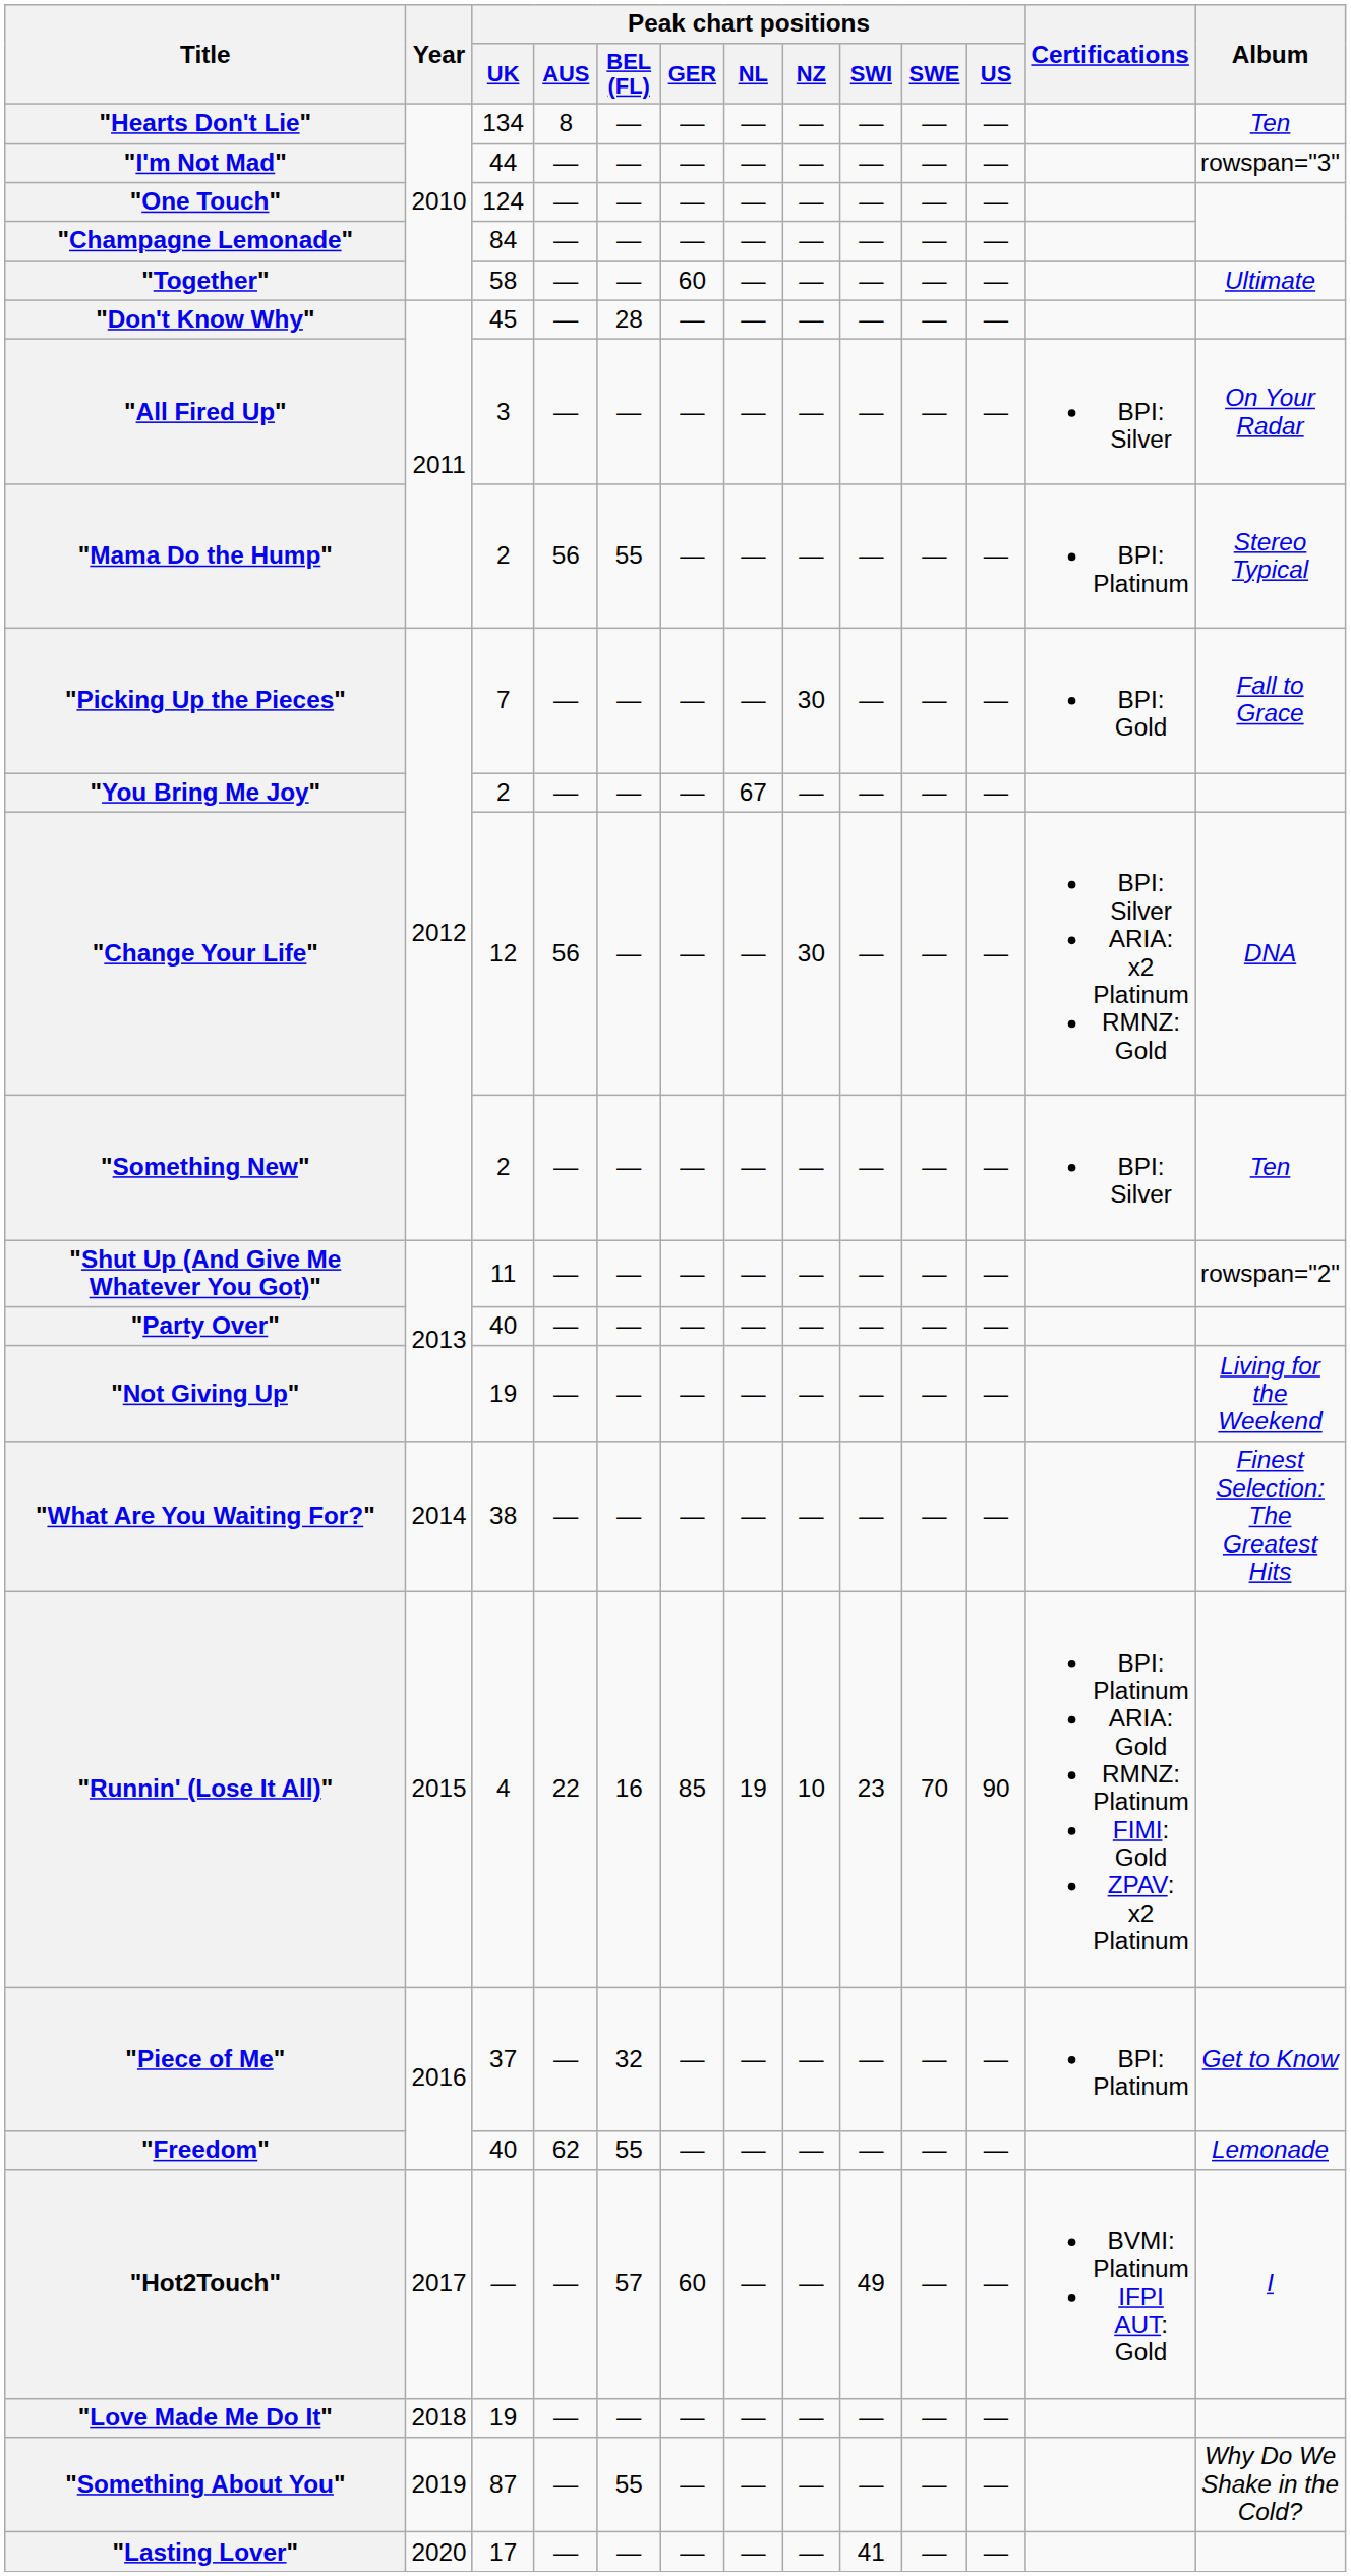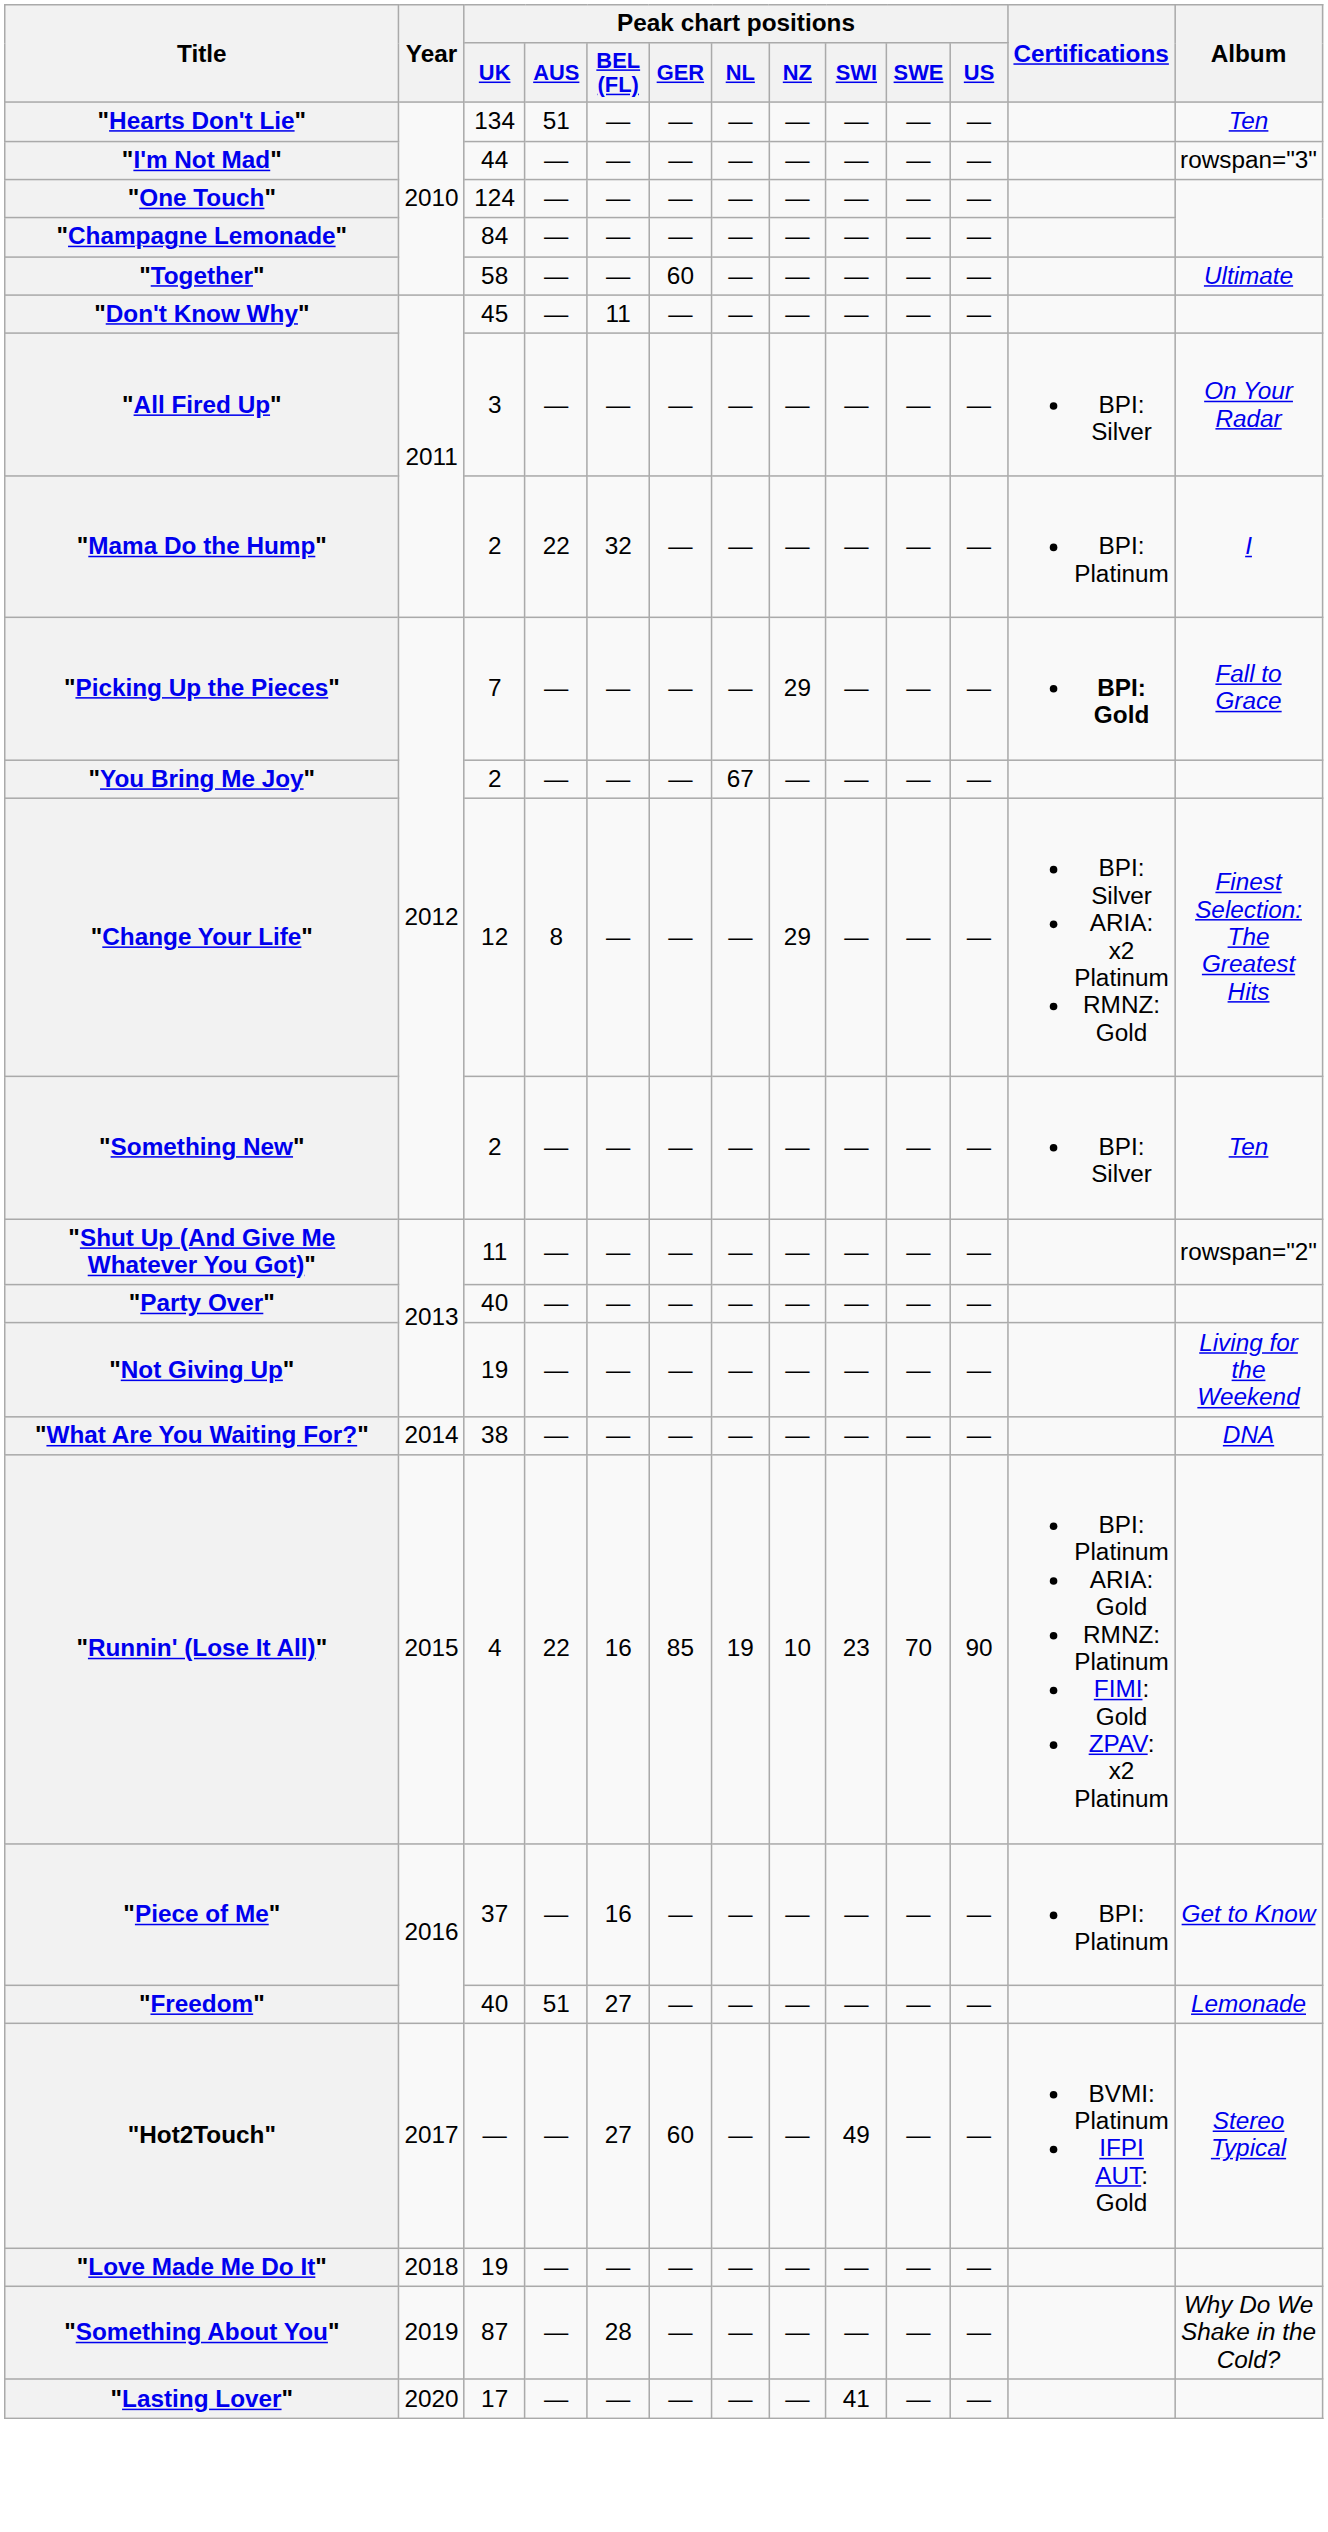 <table class="wikitable plainrowheaders" style="text-align:center;">
 <tr>
 <th scope="col" rowspan="2" style="width:20em;">Title</th>
 <th scope="col" rowspan="2" style="width:1em;">Year</th>
 <th scope="col" colspan="9">Peak chart positions</th>
 <th scope="col" rowspan="2"><a href='#'>Certifications</a></th>
 <th scope="col" rowspan="2">Album</th>
 </tr>
 <tr>
 <th scope="col" style="width:2.5em;font-size:90%;"><a href='#'>UK</a><br></th>
 <th scope="col" style="width:2.5em;font-size:90%;"><a href='#'>AUS</a><br></th>
 <th scope="col" style="width:2.5em;font-size:90%;"><a href='#'>BEL<br>(FL)</a><br></th>
 <th scope="col" style="width:2.5em;font-size:90%;"><a href='#'>GER</a><br></th>
 <th scope="col" style="width:2.5em;font-size:90%;"><a href='#'>NL</a><br></th>
 <th scope="col" style="width:2.5em;font-size:90%;"><a href='#'>NZ</a><br></th>
 <th scope="col" style="width:2.5em;font-size:90%;"><a href='#'>SWI</a><br></th>
 <th scope="col" style="width:2.5em;font-size:90%;"><a href='#'>SWE</a><br></th>
 <th scope="col" style="width:2.5em;font-size:90%;"><a href='#'>US</a><br></th>
 </tr>
 <tr>
 <th scope="row">"<a href='#'>Hearts Don't Lie</a>"<br></th>
 <td rowspan="5">2010</td>
 <td>134</td>
-<td>8</td>
+<td>51</td>
 <td>—</td>
 <td>—</td>
 <td>—</td>
 <td>—</td>
 <td>—</td>
 <td>—</td>
 <td>—</td>
 <td></td>
 <td><em><a href='#'>Ten</a></em></td>
 </tr>
 <tr>
 <th scope="row">"<a href='#'>I'm Not Mad</a>"<br></th>
 <td>44</td>
 <td>—</td>
 <td>—</td>
 <td>—</td>
 <td>—</td>
 <td>—</td>
 <td>—</td>
 <td>—</td>
 <td>—</td>
 <td></td>
 <td>rowspan="3" </td>
 </tr>
 <tr>
 <th scope="row">"<a href='#'>One Touch</a>"<br></th>
 <td>124</td>
 <td>—</td>
 <td>—</td>
 <td>—</td>
 <td>—</td>
 <td>—</td>
 <td>—</td>
 <td>—</td>
 <td>—</td>
 <td></td>
 </tr>
 <tr>
 <th scope="row">"<a href='#'>Champagne Lemonade</a>"<br></th>
 <td>84</td>
 <td>—</td>
 <td>—</td>
 <td>—</td>
 <td>—</td>
 <td>—</td>
 <td>—</td>
 <td>—</td>
 <td>—</td>
 <td></td>
 </tr>
 <tr>
 <th scope="row">"<a href='#'>Together</a>"<br></th>
 <td>58</td>
 <td>—</td>
 <td>—</td>
 <td>60</td>
 <td>—</td>
 <td>—</td>
 <td>—</td>
 <td>—</td>
 <td>—</td>
 <td></td>
 <td><em><a href='#'>Ultimate</a></em></td>
 </tr>
 <tr>
 <th scope="row">"<a href='#'>Don't Know Why</a>"<br></th>
 <td rowspan="3">2011</td>
 <td>45</td>
 <td>—</td>
-<td>28</td>
+<td>11</td>
 <td>—</td>
 <td>—</td>
 <td>—</td>
 <td>—</td>
 <td>—</td>
 <td>—</td>
 <td></td>
 <td></td>
 </tr>
 <tr>
 <th scope="row">"<a href='#'>All Fired Up</a>"<br></th>
 <td>3</td>
 <td>—</td>
 <td>—</td>
 <td>—</td>
 <td>—</td>
 <td>—</td>
 <td>—</td>
 <td>—</td>
 <td>—</td>
 <td><br><ul><li>BPI: Silver</li></ul></td>
 <td><em><a href='#'>On Your Radar</a></em></td>
 </tr>
 <tr>
 <th scope="row">"<a href='#'>Mama Do the Hump</a>"<br></th>
 <td>2</td>
-<td>56</td>
-<td>55</td>
+<td>22</td>
+<td>32</td>
 <td>—</td>
 <td>—</td>
 <td>—</td>
 <td>—</td>
 <td>—</td>
 <td>—</td>
 <td><br><ul><li>BPI: Platinum</li></ul></td>
-<td><em><a href='#'>Stereo Typical</a></em></td>
+<td><em><a href='#'>I</a></em></td>
 </tr>
 <tr>
 <th scope="row">"<a href='#'>Picking Up the Pieces</a>"<br></th>
 <td rowspan="4">2012</td>
 <td>7</td>
 <td>—</td>
 <td>—</td>
 <td>—</td>
 <td>—</td>
-<td>30</td>
+<td>29</td>
 <td>—</td>
 <td>—</td>
 <td>—</td>
-<td><br><ul><li>BPI: Gold</li></ul></td>
+<td><strong><br><ul><li>BPI: Gold</li></ul></strong></td>
 <td><em><a href='#'>Fall to Grace</a></em></td>
 </tr>
 <tr>
 <th scope="row">"<a href='#'>You Bring Me Joy</a>"<br></th>
 <td>2</td>
 <td>—</td>
 <td>—</td>
 <td>—</td>
 <td>67</td>
 <td>—</td>
 <td>—</td>
 <td>—</td>
 <td>—</td>
 <td></td>
 <td></td>
 </tr>
 <tr>
 <th scope="row">"<a href='#'>Change Your Life</a>"<br></th>
 <td>12</td>
-<td>56</td>
+<td>8</td>
 <td>—</td>
 <td>—</td>
 <td>—</td>
-<td>30</td>
+<td>29</td>
 <td>—</td>
 <td>—</td>
 <td>—</td>
 <td><br><ul><li>BPI: Silver</li><li>ARIA: x2 Platinum</li><li>RMNZ: Gold</li></ul></td>
-<td><em><a href='#'>DNA</a></em></td>
+<td><em><a href='#'>Finest Selection:<br>The Greatest Hits</a></em></td>
 </tr>
 <tr>
 <th scope="row">"<a href='#'>Something New</a>"<br></th>
 <td>2</td>
 <td>—</td>
 <td>—</td>
 <td>—</td>
 <td>—</td>
 <td>—</td>
 <td>—</td>
 <td>—</td>
 <td>—</td>
 <td><br><ul><li>BPI: Silver</li></ul></td>
 <td><em><a href='#'>Ten</a></em></td>
 </tr>
 <tr>
 <th scope="row">"<a href='#'>Shut Up (And Give Me Whatever You Got)</a>"<br></th>
 <td rowspan="3">2013</td>
 <td>11</td>
 <td>—</td>
 <td>—</td>
 <td>—</td>
 <td>—</td>
 <td>—</td>
 <td>—</td>
 <td>—</td>
 <td>—</td>
 <td></td>
 <td>rowspan="2" </td>
 </tr>
 <tr>
 <th scope="row">"<a href='#'>Party Over</a>"<br></th>
 <td>40</td>
 <td>—</td>
 <td>—</td>
 <td>—</td>
 <td>—</td>
 <td>—</td>
 <td>—</td>
 <td>—</td>
 <td>—</td>
 <td></td>
 </tr>
 <tr>
 <th scope="row">"<a href='#'>Not Giving Up</a>"<br></th>
 <td>19</td>
 <td>—</td>
 <td>—</td>
 <td>—</td>
 <td>—</td>
 <td>—</td>
 <td>—</td>
 <td>—</td>
 <td>—</td>
 <td></td>
 <td><em><a href='#'>Living for the Weekend</a></em></td>
 </tr>
 <tr>
 <th scope="row">"<a href='#'>What Are You Waiting For?</a>"<br></th>
 <td>2014</td>
 <td>38</td>
 <td>—</td>
 <td>—</td>
 <td>—</td>
 <td>—</td>
 <td>—</td>
 <td>—</td>
 <td>—</td>
 <td>—</td>
 <td></td>
-<td><em><a href='#'>Finest Selection:<br>The Greatest Hits</a></em></td>
+<td><em><a href='#'>DNA</a></em></td>
 </tr>
 <tr>
 <th scope="row">"<a href='#'>Runnin' (Lose It All)</a>"<br></th>
 <td>2015</td>
 <td>4</td>
 <td>22</td>
 <td>16</td>
 <td>85</td>
 <td>19</td>
 <td>10</td>
 <td>23</td>
 <td>70</td>
 <td>90</td>
 <td><br><ul><li>BPI: Platinum</li><li>ARIA: Gold</li><li>RMNZ: Platinum</li><li><a href='#'>FIMI</a>: Gold</li><li><a href='#'>ZPAV</a>: x2 Platinum</li></ul></td>
 <td></td>
 </tr>
 <tr>
 <th scope="row">"<a href='#'>Piece of Me</a>"<br></th>
 <td rowspan="2">2016</td>
 <td>37</td>
 <td>—</td>
-<td>32</td>
+<td>16</td>
 <td>—</td>
 <td>—</td>
 <td>—</td>
 <td>—</td>
 <td>—</td>
 <td>—</td>
 <td><br><ul><li>BPI: Platinum</li></ul></td>
 <td><em><a href='#'>Get to Know</a></em></td>
 </tr>
 <tr>
 <th scope="row">"<a href='#'>Freedom</a>"<br></th>
 <td>40</td>
-<td>62</td>
-<td>55</td>
+<td>51</td>
+<td>27</td>
 <td>—</td>
 <td>—</td>
 <td>—</td>
 <td>—</td>
 <td>—</td>
 <td>—</td>
 <td></td>
 <td><em><a href='#'>Lemonade</a></em></td>
 </tr>
 <tr>
 <th scope="row">"Hot2Touch"<br></th>
 <td>2017</td>
 <td>—</td>
 <td>—</td>
-<td>57</td>
+<td>27</td>
 <td>60</td>
 <td>—</td>
 <td>—</td>
 <td>49</td>
 <td>—</td>
 <td>—</td>
 <td><br><ul><li>BVMI: Platinum</li><li><a href='#'>IFPI AUT</a>: Gold</li></ul></td>
-<td><em><a href='#'>I</a></em></td>
+<td><em><a href='#'>Stereo Typical</a></em></td>
 </tr>
 <tr>
 <th scope="row">"<a href='#'>Love Made Me Do It</a>"<br></th>
 <td>2018</td>
 <td>19</td>
 <td>—</td>
 <td>—</td>
 <td>—</td>
 <td>—</td>
 <td>—</td>
 <td>—</td>
 <td>—</td>
 <td>—</td>
 <td></td>
 <td></td>
 </tr>
 <tr>
 <th scope="row">"<a href='#'>Something About You</a>"<br></th>
 <td>2019</td>
 <td>87</td>
 <td>—</td>
-<td>55</td>
+<td>28</td>
 <td>—</td>
 <td>—</td>
 <td>—</td>
 <td>—</td>
 <td>—</td>
 <td>—</td>
 <td></td>
 <td><em>Why Do We Shake in the Cold?</em></td>
 </tr>
 <tr>
 <th scope="row">"<a href='#'>Lasting Lover</a>"<br></th>
 <td>2020</td>
 <td>17</td>
 <td>—</td>
 <td>—</td>
 <td>—</td>
 <td>—</td>
 <td>—</td>
 <td>41</td>
 <td>—</td>
 <td>—</td>
 <td></td>
 <td></td>
 </tr>
 <tr>
 </tr>
 </table>
